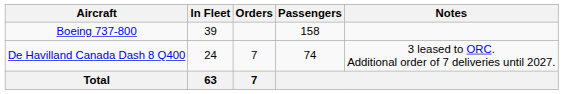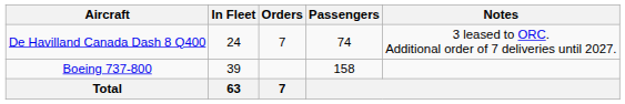 <table class="wikitable" style="border-collapse:collapse; text-align:center; margin:1em auto;">
 <tr>
 <th>Aircraft</th>
 <th>In Fleet</th>
 <th>Orders</th>
 <th>Passengers</th>
 <th>Notes</th>
 </tr>
 <tr>
+<td><a href='#'>De Havilland Canada Dash 8 Q400</a></td>
+<td>24</td>
+<td>7</td>
+<td>74</td>
+<td>3 leased to <a href='#'>ORC</a>.<br>Additional order of 7 deliveries until 2027.</td>
+</tr>
+<tr>
 <td><a href='#'>Boeing 737-800</a></td>
 <td>39</td>
 <td></td>
 <td>158</td>
 <td></td>
-</tr>
-<tr>
-<td><a href='#'>De Havilland Canada Dash 8 Q400</a></td>
-<td>24</td>
-<td>7</td>
-<td>74</td>
-<td>3 leased to <a href='#'>ORC</a>.<br>Additional order of 7 deliveries until 2027.</td>
 </tr>
 <tr>
 <th>Total</th>
 <th>63</th>
 <th>7</th>
 <th colspan="2"></th>
 </tr>
 </table>
